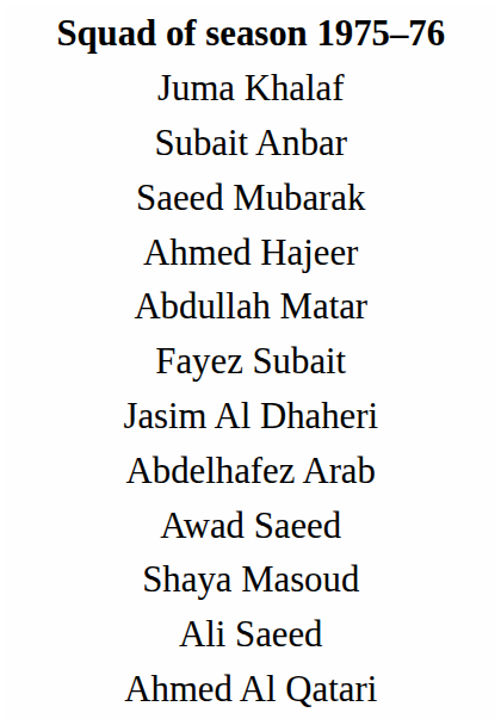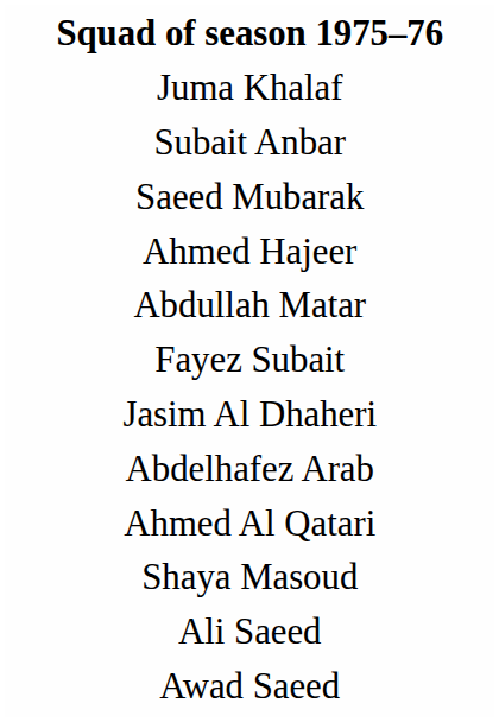 <table style="float: right; width: 180px; font-size: 84%; text-align:center; background:#FEFEFE;">
 <tr>
 <th width=80%>Squad of season 1975–76</th>
 </tr>
 <tr>
 <td>Juma Khalaf</td>
 </tr>
 <tr>
 <td>Subait Anbar</td>
 </tr>
 <tr>
 <td>Saeed Mubarak</td>
 </tr>
 <tr>
 <td>Ahmed Hajeer</td>
 </tr>
 <tr>
 <td>Abdullah Matar</td>
 </tr>
 <tr>
 <td>Fayez Subait</td>
 </tr>
 <tr>
 <td>Jasim Al Dhaheri</td>
 </tr>
 <tr>
 <td>Abdelhafez Arab</td>
 </tr>
 <tr>
-<td>Awad Saeed</td>
+<td>Ahmed Al Qatari</td>
 </tr>
 <tr>
 <td>Shaya Masoud</td>
 </tr>
 <tr>
 <td>Ali Saeed</td>
 </tr>
 <tr>
-<td>Ahmed Al Qatari</td>
+<td>Awad Saeed</td>
 </tr>
 </table>
